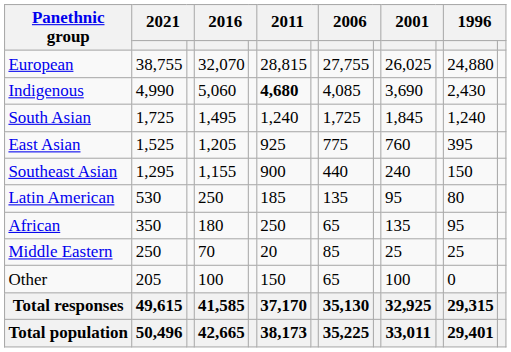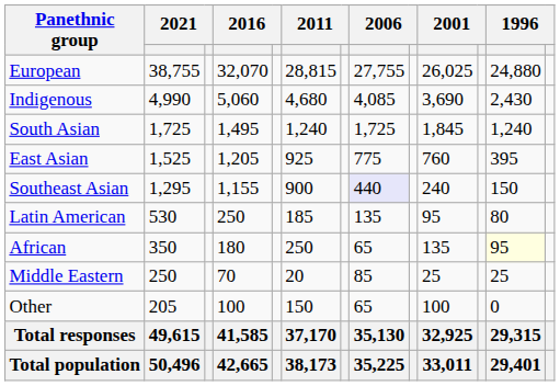 <table class="wikitable collapsible sortable">
 <tr>
 <th rowspan="2"><a href='#'>Panethnic</a><br>group</th>
 <th colspan="2">2021</th>
 <th colspan="2">2016</th>
 <th colspan="2">2011</th>
 <th colspan="2">2006</th>
 <th colspan="2">2001</th>
 <th colspan="2">1996</th>
 </tr>
 <tr>
 <th><a href='#'></a></th>
 <th></th>
 <th></th>
 <th></th>
 <th></th>
 <th></th>
 <th></th>
 <th></th>
 <th></th>
 <th></th>
 <th></th>
 <th></th>
 </tr>
 <tr>
 <td><a href='#'>European</a></td>
 <td>38,755</td>
 <td></td>
 <td>32,070</td>
 <td></td>
 <td>28,815</td>
 <td></td>
 <td>27,755</td>
 <td></td>
 <td>26,025</td>
 <td></td>
 <td>24,880</td>
 <td></td>
 </tr>
 <tr>
 <td><a href='#'>Indigenous</a></td>
 <td>4,990</td>
 <td></td>
 <td>5,060</td>
 <td></td>
-<td><strong>4,680</strong></td>
+<td>4,680</td>
 <td></td>
 <td>4,085</td>
 <td></td>
 <td>3,690</td>
 <td></td>
 <td>2,430</td>
 <td></td>
 </tr>
 <tr>
 <td><a href='#'>South Asian</a></td>
 <td>1,725</td>
 <td></td>
 <td>1,495</td>
 <td></td>
 <td>1,240</td>
 <td></td>
 <td>1,725</td>
 <td></td>
 <td>1,845</td>
 <td></td>
 <td>1,240</td>
 <td></td>
 </tr>
 <tr>
 <td><a href='#'>East Asian</a></td>
 <td>1,525</td>
 <td></td>
 <td>1,205</td>
 <td></td>
 <td>925</td>
 <td></td>
 <td>775</td>
 <td></td>
 <td>760</td>
 <td></td>
 <td>395</td>
 <td></td>
 </tr>
 <tr>
 <td><a href='#'>Southeast Asian</a></td>
 <td>1,295</td>
 <td></td>
 <td>1,155</td>
 <td></td>
 <td>900</td>
 <td></td>
-<td>440</td>
+<td style="background: lavender;">440</td>
 <td></td>
 <td>240</td>
 <td></td>
 <td>150</td>
 <td></td>
 </tr>
 <tr>
 <td><a href='#'>Latin American</a></td>
 <td>530</td>
 <td></td>
 <td>250</td>
 <td></td>
 <td>185</td>
 <td></td>
 <td>135</td>
 <td></td>
 <td>95</td>
 <td></td>
 <td>80</td>
 <td></td>
 </tr>
 <tr>
 <td><a href='#'>African</a></td>
 <td>350</td>
 <td></td>
 <td>180</td>
 <td></td>
 <td>250</td>
 <td></td>
 <td>65</td>
 <td></td>
 <td>135</td>
 <td></td>
-<td>95</td>
+<td style="background: lightyellow;">95</td>
 <td></td>
 </tr>
 <tr>
 <td><a href='#'>Middle Eastern</a></td>
 <td>250</td>
 <td></td>
 <td>70</td>
 <td></td>
 <td>20</td>
 <td></td>
 <td>85</td>
 <td></td>
 <td>25</td>
 <td></td>
 <td>25</td>
 <td></td>
 </tr>
 <tr>
 <td>Other</td>
 <td>205</td>
 <td></td>
 <td>100</td>
 <td></td>
 <td>150</td>
 <td></td>
 <td>65</td>
 <td></td>
 <td>100</td>
 <td></td>
 <td>0</td>
 <td></td>
 </tr>
 <tr>
 <th>Total responses</th>
 <th>49,615</th>
 <th></th>
 <th>41,585</th>
 <th></th>
 <th>37,170</th>
 <th></th>
 <th>35,130</th>
 <th></th>
 <th>32,925</th>
 <th></th>
 <th>29,315</th>
 <th></th>
 </tr>
 <tr>
 <th>Total population</th>
 <th>50,496</th>
 <th></th>
 <th>42,665</th>
 <th></th>
 <th>38,173</th>
 <th></th>
 <th>35,225</th>
 <th></th>
 <th>33,011</th>
 <th></th>
 <th>29,401</th>
 <th></th>
 </tr>
 </table>
